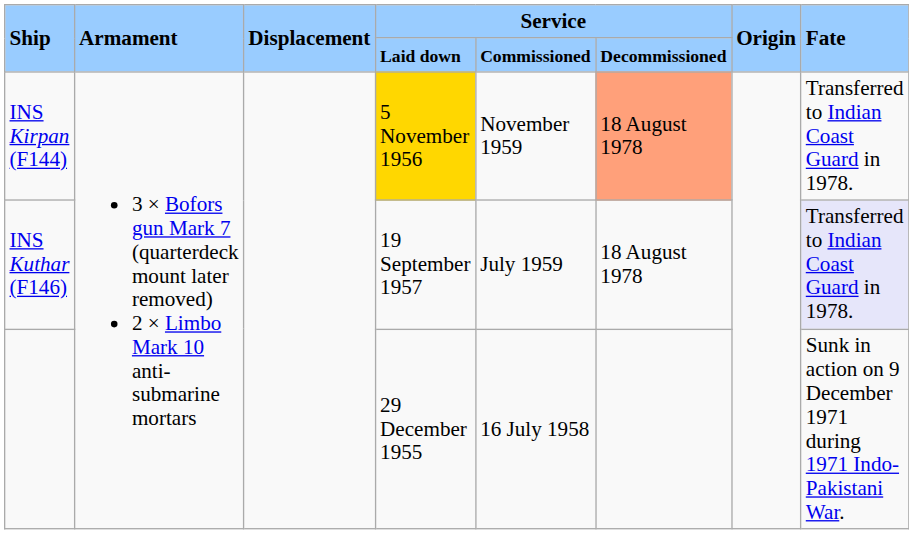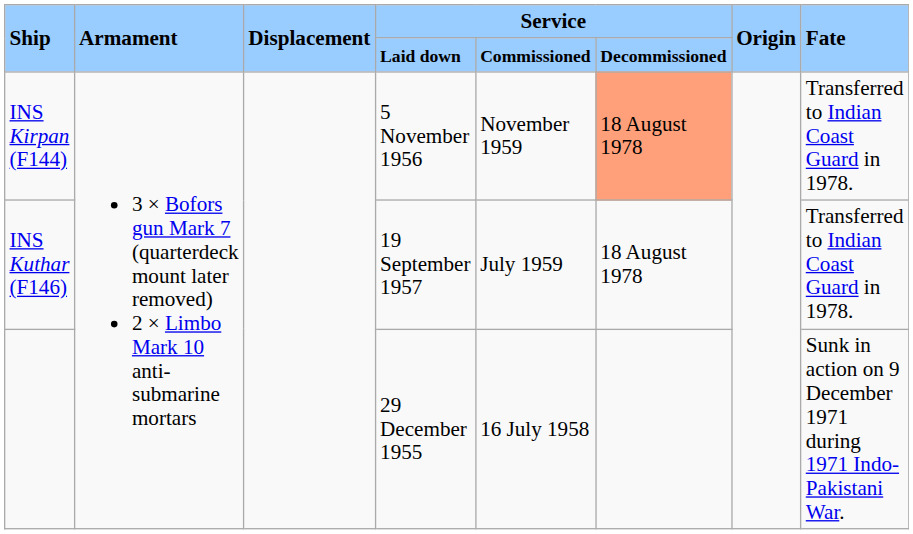 <table class="wikitable">
 <tr>
 <th align= center scope=col rowspan=2 style="text-align:left; background:#9cf;"><div>Ship</div></th>
 <th align= center scope=col rowspan=2 style="text-align:left; background:#9cf;"><div>Armament</div></th>
 <th align= center scope=col rowspan=2 style="text-align:left; width:12%; background:#9cf;"><div>Displacement</div></th>
 <th align= center scope=col colspan=3 style="text-align:center; background:#9cf;"><div>Service</div></th>
 <th align= center scope=col rowspan=2 style="text-align:left; background:#9cf;"><div>Origin</div></th>
 <th align= center scope=col rowspan=2 style="text-align:left; background:#9cf;"><div>Fate</div></th>
 </tr>
 <tr>
 <th align= center scope=col style="text-align:left; background:#9cf;"><small>Laid down</small></th>
 <th align= center scope=col style="text-align:left; background:#9cf;"><small>Commissioned</small></th>
 <th align= center scope=col style="text-align:left; background:#9cf;"><small>Decommissioned</small></th>
 </tr>
 <tr>
 <td><a href='#'>INS <em>Kirpan</em> (F144)</a></td>
 <td rowspan=3><br><ul><li>3 × <a href='#'> Bofors gun Mark 7</a> (quarterdeck mount later removed)</li><li>2 × <a href='#'>Limbo Mark 10</a> anti-submarine mortars</li></ul></td>
 <td rowspan=3></td>
-<td style="background: gold;">5 November 1956</td>
+<td>5 November 1956</td>
 <td>November 1959</td>
 <td style="background: lightsalmon;">18 August 1978</td>
 <td rowspan=3></td>
 <td>Transferred to <a href='#'>Indian Coast Guard</a> in 1978.</td>
 </tr>
 <tr>
 <td><a href='#'>INS <em>Kuthar</em> (F146)</a></td>
 <td>19 September 1957</td>
 <td>July 1959</td>
 <td>18 August 1978</td>
-<td style="background: lavender;">Transferred to <a href='#'>Indian Coast Guard</a> in 1978.</td>
+<td>Transferred to <a href='#'>Indian Coast Guard</a> in 1978.</td>
 </tr>
 <tr>
 <td></td>
 <td>29 December 1955</td>
 <td>16 July 1958</td>
 <td></td>
 <td>Sunk in action on 9 December 1971 during <a href='#'>1971 Indo-Pakistani War</a>.</td>
 </tr>
 </table>
